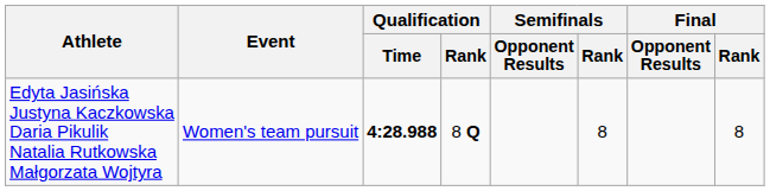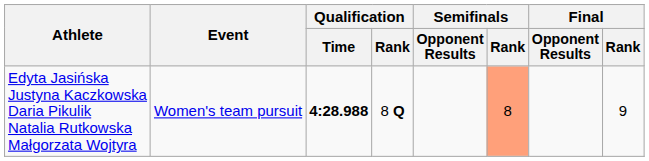 <table class="wikitable" style="font-size:90%">
 <tr>
 <th rowspan=2>Athlete</th>
 <th rowspan=2>Event</th>
 <th colspan=2>Qualification</th>
 <th colspan=2>Semifinals</th>
 <th colspan=2>Final</th>
 </tr>
 <tr style="font-size:95%">
 <th>Time</th>
 <th>Rank</th>
 <th>Opponent<br>Results</th>
 <th>Rank</th>
 <th>Opponent<br>Results</th>
 <th>Rank</th>
 </tr>
 <tr align=center>
 <td align=left><a href='#'>Edyta Jasińska</a><br><a href='#'>Justyna Kaczkowska</a><br><a href='#'>Daria Pikulik</a><br><a href='#'>Natalia Rutkowska</a><br><a href='#'>Małgorzata Wojtyra</a></td>
 <td align=left><a href='#'>Women's team pursuit</a></td>
 <td><strong>4:28.988</strong></td>
 <td>8 <strong>Q</strong></td>
 <td><br></td>
-<td>8</td>
+<td style="background: lightsalmon;">8</td>
 <td><br></td>
-<td>8</td>
+<td>9</td>
 </tr>
 </table>
